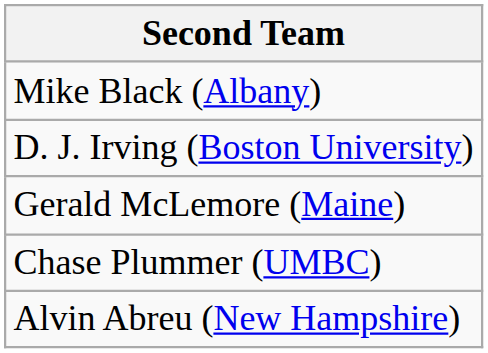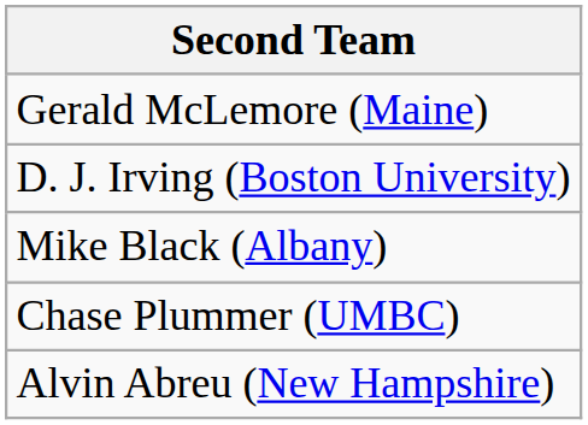 <table class="wikitable">
 <tr>
 <th>Second Team</th>
 </tr>
 <tr>
-<td>Mike Black (<a href='#'>Albany</a>)</td>
+<td>Gerald McLemore (<a href='#'>Maine</a>)</td>
 </tr>
 <tr>
 <td>D. J. Irving (<a href='#'>Boston University</a>)</td>
 </tr>
 <tr>
-<td>Gerald McLemore (<a href='#'>Maine</a>)</td>
+<td>Mike Black (<a href='#'>Albany</a>)</td>
 </tr>
 <tr>
 <td>Chase Plummer (<a href='#'>UMBC</a>)</td>
 </tr>
 <tr>
 <td>Alvin Abreu (<a href='#'>New Hampshire</a>)</td>
 </tr>
 </table>
